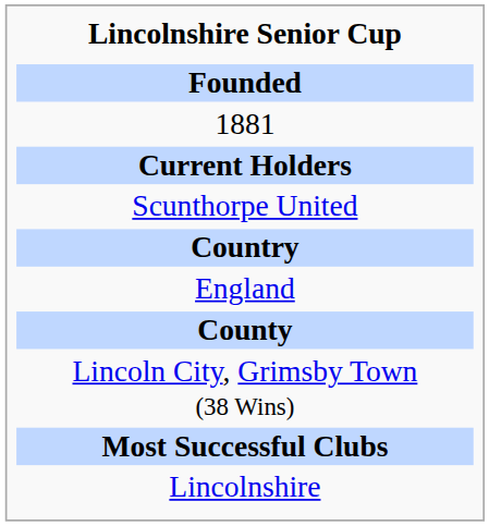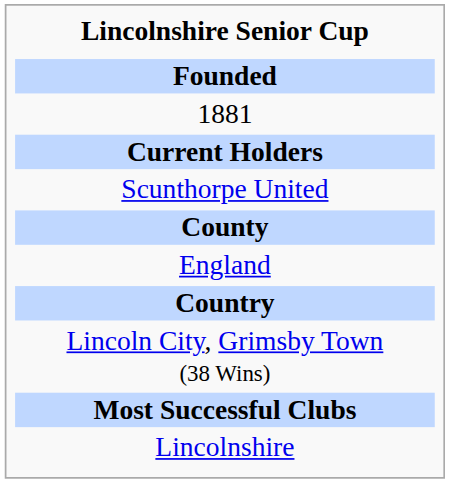 <table class="infobox football" style="width: 16em; text-align: center;">
 <tr>
 <th style="">Lincolnshire Senior Cup</th>
 </tr>
 <tr>
 <td style=""></td>
 </tr>
 <tr>
 <td style="background: #BFD7FF;"><strong>Founded</strong></td>
 </tr>
 <tr>
 <td style="">1881</td>
 </tr>
 <tr>
 <td style="background: #BFD7FF;"><strong>Current Holders</strong></td>
 </tr>
 <tr>
 <td style=""><a href='#'>Scunthorpe United</a></td>
 </tr>
 <tr>
-<td style="background: #BFD7FF;"><strong>Country</strong></td>
+<td style="background: #BFD7FF;"><strong>County</strong></td>
 </tr>
 <tr>
 <td style=""> <a href='#'>England</a></td>
 </tr>
 <tr>
-<td style="background: #BFD7FF;"><strong>County</strong></td>
+<td style="background: #BFD7FF;"><strong>Country</strong></td>
 </tr>
 <tr>
 <td style=""><a href='#'>Lincoln City</a>, <a href='#'>Grimsby Town</a><br><small>(38 Wins)</small></td>
 </tr>
 <tr>
 <td style="background: #BFD7FF;"><strong>Most Successful Clubs</strong></td>
 </tr>
 <tr>
 <td style=""> <a href='#'>Lincolnshire</a></td>
 </tr>
 <tr>
 </tr>
 </table>
